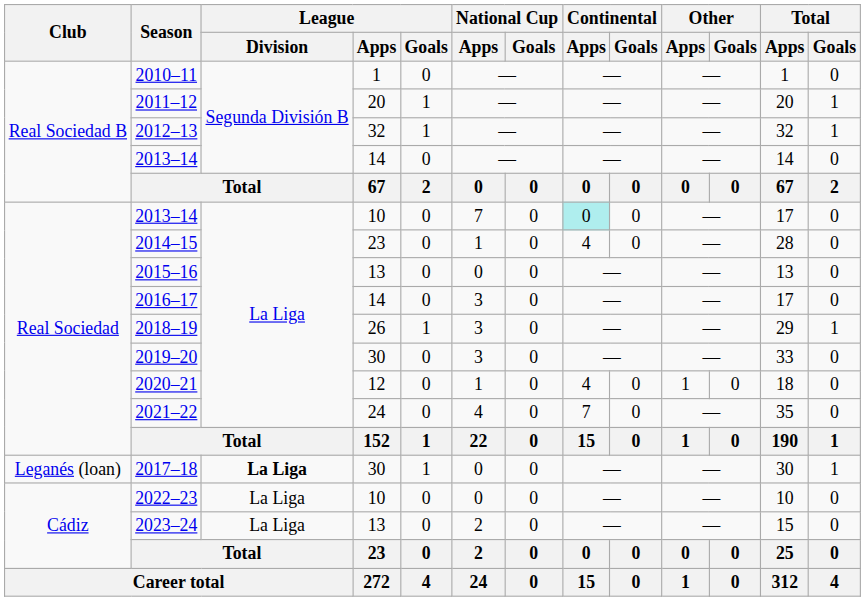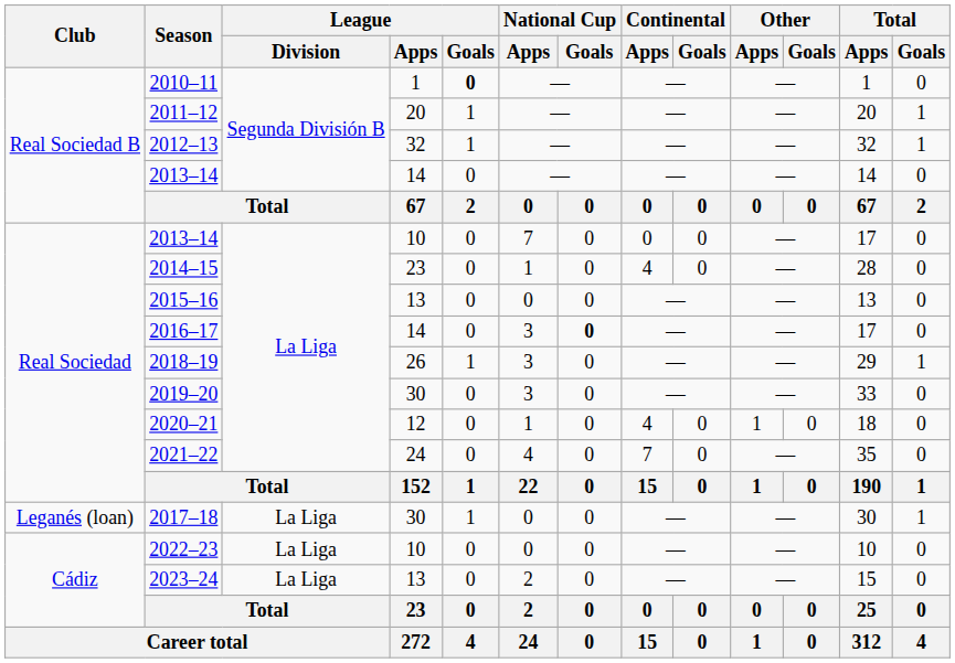 <table class="wikitable" style="text-align:center">
 <tr>
 <th rowspan="2">Club</th>
 <th rowspan="2">Season</th>
 <th colspan="3">League</th>
 <th colspan="2">National Cup</th>
 <th colspan="2">Continental</th>
 <th colspan="2">Other</th>
 <th colspan="2">Total</th>
 </tr>
 <tr>
 <th>Division</th>
 <th>Apps</th>
 <th>Goals</th>
 <th>Apps</th>
 <th>Goals</th>
 <th>Apps</th>
 <th>Goals</th>
 <th>Apps</th>
 <th>Goals</th>
 <th>Apps</th>
 <th>Goals</th>
 </tr>
 <tr>
 <td rowspan="5"><a href='#'>Real Sociedad B</a></td>
 <td><a href='#'>2010–11</a></td>
 <td rowspan="4"><a href='#'>Segunda División B</a></td>
 <td>1</td>
-<td>0</td>
+<td><strong>0</strong></td>
 <td colspan="2">—</td>
 <td colspan="2">—</td>
 <td colspan="2">—</td>
 <td>1</td>
 <td>0</td>
 </tr>
 <tr>
 <td><a href='#'>2011–12</a></td>
 <td>20</td>
 <td>1</td>
 <td colspan="2">—</td>
 <td colspan="2">—</td>
 <td colspan="2">—</td>
 <td>20</td>
 <td>1</td>
 </tr>
 <tr>
 <td><a href='#'>2012–13</a></td>
 <td>32</td>
 <td>1</td>
 <td colspan="2">—</td>
 <td colspan="2">—</td>
 <td colspan="2">—</td>
 <td>32</td>
 <td>1</td>
 </tr>
 <tr>
 <td><a href='#'>2013–14</a></td>
 <td>14</td>
 <td>0</td>
 <td colspan="2">—</td>
 <td colspan="2">—</td>
 <td colspan="2">—</td>
 <td>14</td>
 <td>0</td>
 </tr>
 <tr>
 <th colspan="2">Total</th>
 <th>67</th>
 <th>2</th>
 <th>0</th>
 <th>0</th>
 <th>0</th>
 <th>0</th>
 <th>0</th>
 <th>0</th>
 <th>67</th>
 <th>2</th>
 </tr>
 <tr>
 <td rowspan="9"><a href='#'>Real Sociedad</a></td>
 <td><a href='#'>2013–14</a></td>
 <td rowspan="8"><a href='#'>La Liga</a></td>
 <td>10</td>
 <td>0</td>
 <td>7</td>
 <td>0</td>
-<td style="background: paleturquoise;">0</td>
+<td>0</td>
 <td>0</td>
 <td colspan="2">—</td>
 <td>17</td>
 <td>0</td>
 </tr>
 <tr>
 <td><a href='#'>2014–15</a></td>
 <td>23</td>
 <td>0</td>
 <td>1</td>
 <td>0</td>
 <td>4</td>
 <td>0</td>
 <td colspan="2">—</td>
 <td>28</td>
 <td>0</td>
 </tr>
 <tr>
 <td><a href='#'>2015–16</a></td>
 <td>13</td>
 <td>0</td>
 <td>0</td>
 <td>0</td>
 <td colspan="2">—</td>
 <td colspan="2">—</td>
 <td>13</td>
 <td>0</td>
 </tr>
 <tr>
 <td><a href='#'>2016–17</a></td>
 <td>14</td>
 <td>0</td>
 <td>3</td>
-<td>0</td>
+<td><strong>0</strong></td>
 <td colspan="2">—</td>
 <td colspan="2">—</td>
 <td>17</td>
 <td>0</td>
 </tr>
 <tr>
 <td><a href='#'>2018–19</a></td>
 <td>26</td>
 <td>1</td>
 <td>3</td>
 <td>0</td>
 <td colspan="2">—</td>
 <td colspan="2">—</td>
 <td>29</td>
 <td>1</td>
 </tr>
 <tr>
 <td><a href='#'>2019–20</a></td>
 <td>30</td>
 <td>0</td>
 <td>3</td>
 <td>0</td>
 <td colspan="2">—</td>
 <td colspan="2">—</td>
 <td>33</td>
 <td>0</td>
 </tr>
 <tr>
 <td><a href='#'>2020–21</a></td>
 <td>12</td>
 <td>0</td>
 <td>1</td>
 <td>0</td>
 <td>4</td>
 <td>0</td>
 <td>1</td>
 <td>0</td>
 <td>18</td>
 <td>0</td>
 </tr>
 <tr>
 <td><a href='#'>2021–22</a></td>
 <td>24</td>
 <td>0</td>
 <td>4</td>
 <td>0</td>
 <td>7</td>
 <td>0</td>
 <td colspan="2">—</td>
 <td>35</td>
 <td>0</td>
 </tr>
 <tr>
 <th colspan="2">Total</th>
 <th>152</th>
 <th>1</th>
 <th>22</th>
 <th>0</th>
 <th>15</th>
 <th>0</th>
 <th>1</th>
 <th>0</th>
 <th>190</th>
 <th>1</th>
 </tr>
 <tr>
 <td><a href='#'>Leganés</a> (loan)</td>
 <td><a href='#'>2017–18</a></td>
-<td><strong>La Liga</strong></td>
+<td>La Liga</td>
 <td>30</td>
 <td>1</td>
 <td>0</td>
 <td>0</td>
 <td colspan="2">—</td>
 <td colspan="2">—</td>
 <td>30</td>
 <td>1</td>
 </tr>
 <tr>
 <td rowspan="3"><a href='#'>Cádiz</a></td>
 <td><a href='#'>2022–23</a></td>
 <td>La Liga</td>
 <td>10</td>
 <td>0</td>
 <td>0</td>
 <td>0</td>
 <td colspan=2>—</td>
 <td colspan=2>—</td>
 <td>10</td>
 <td>0</td>
 </tr>
 <tr>
 <td><a href='#'>2023–24</a></td>
 <td>La Liga</td>
 <td>13</td>
 <td>0</td>
 <td>2</td>
 <td>0</td>
 <td colspan=2>—</td>
 <td colspan=2>—</td>
 <td>15</td>
 <td>0</td>
 </tr>
 <tr>
 <th colspan=2>Total</th>
 <th>23</th>
 <th>0</th>
 <th>2</th>
 <th>0</th>
 <th>0</th>
 <th>0</th>
 <th>0</th>
 <th>0</th>
 <th>25</th>
 <th>0</th>
 </tr>
 <tr>
 <th colspan="3">Career total</th>
 <th>272</th>
 <th>4</th>
 <th>24</th>
 <th>0</th>
 <th>15</th>
 <th>0</th>
 <th>1</th>
 <th>0</th>
 <th>312</th>
 <th>4</th>
 </tr>
 </table>
